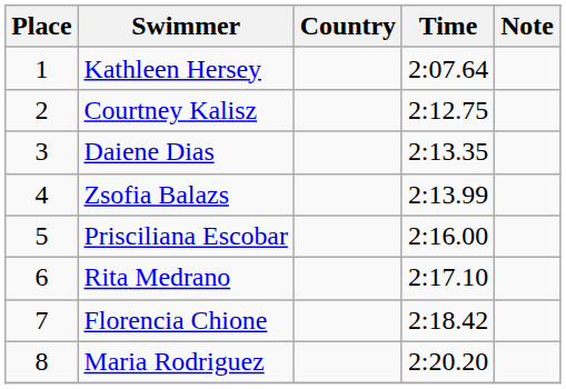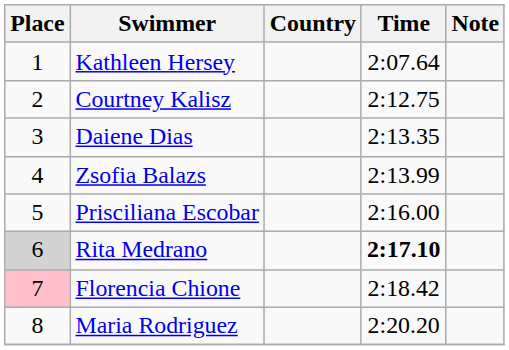 <table class="wikitable" style="text-align:center">
 <tr>
 <th>Place</th>
 <th>Swimmer</th>
 <th>Country</th>
 <th>Time</th>
 <th>Note</th>
 </tr>
 <tr>
 <td>1</td>
 <td align=left><a href='#'>Kathleen Hersey</a></td>
 <td align=left></td>
 <td>2:07.64</td>
 <td></td>
 </tr>
 <tr>
 <td>2</td>
 <td align=left><a href='#'>Courtney Kalisz</a></td>
 <td align=left></td>
 <td>2:12.75</td>
 <td></td>
 </tr>
 <tr>
 <td>3</td>
 <td align=left><a href='#'>Daiene Dias</a></td>
 <td align=left></td>
 <td>2:13.35</td>
 <td></td>
 </tr>
 <tr>
 <td>4</td>
 <td align=left><a href='#'>Zsofia Balazs</a></td>
 <td align=left></td>
 <td>2:13.99</td>
 <td></td>
 </tr>
 <tr>
 <td>5</td>
 <td align=left><a href='#'>Prisciliana Escobar</a></td>
 <td align=left></td>
 <td>2:16.00</td>
 <td></td>
 </tr>
 <tr>
-<td>6</td>
+<td style="background: lightgrey;">6</td>
 <td align=left><a href='#'>Rita Medrano</a></td>
 <td align=left></td>
-<td>2:17.10</td>
+<td><strong>2:17.10</strong></td>
 <td></td>
 </tr>
 <tr>
-<td>7</td>
+<td style="background: pink;">7</td>
 <td align=left><a href='#'>Florencia Chione</a></td>
 <td align=left></td>
 <td>2:18.42</td>
 <td></td>
 </tr>
 <tr>
 <td>8</td>
 <td align=left><a href='#'>Maria Rodriguez</a></td>
 <td align=left></td>
 <td>2:20.20</td>
 <td></td>
 </tr>
 <tr>
 </tr>
 </table>
